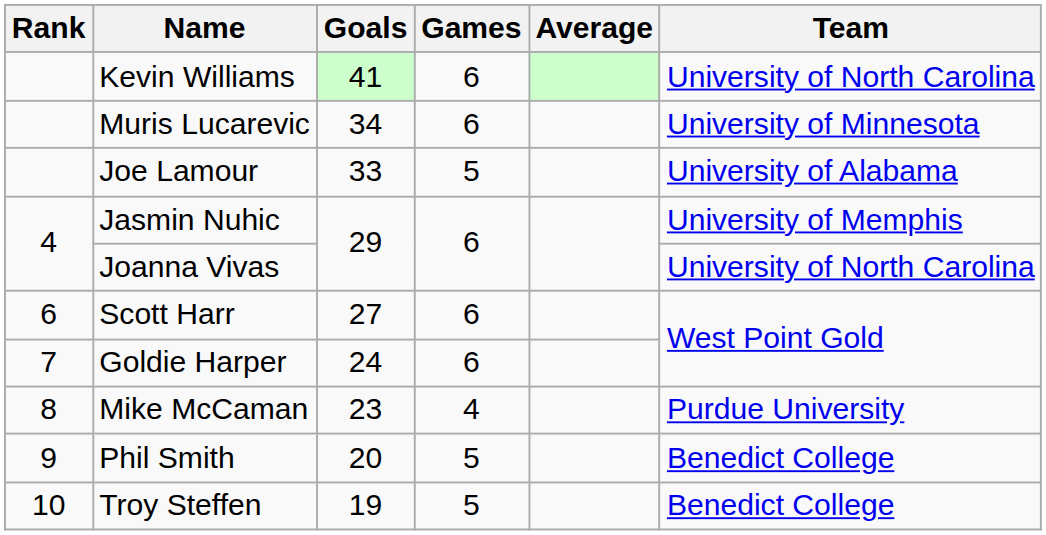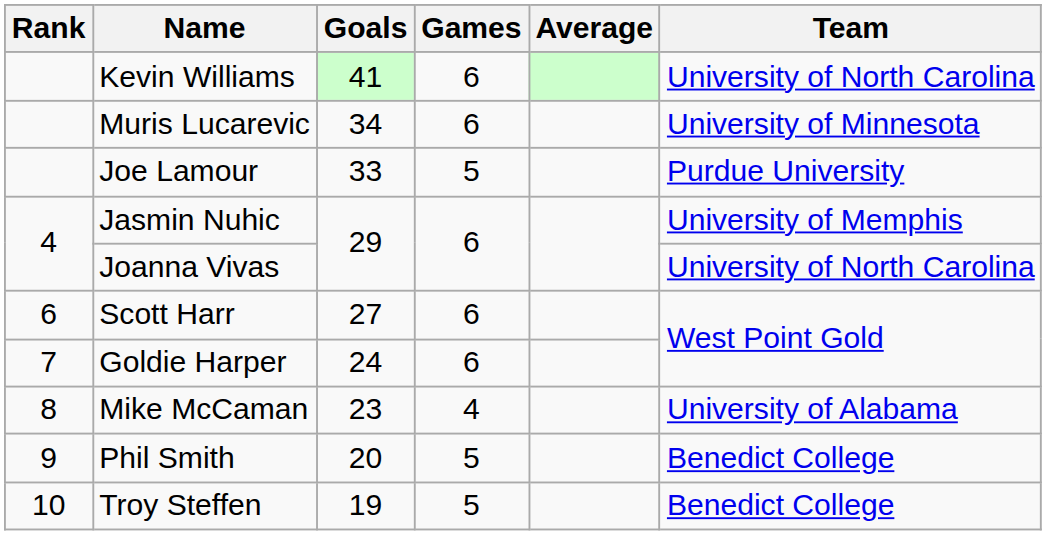 <table class="wikitable sortable"  style="text-align:center">
 <tr>
 <th>Rank</th>
 <th>Name</th>
 <th>Goals</th>
 <th>Games</th>
 <th>Average</th>
 <th>Team</th>
 </tr>
 <tr>
 <td></td>
 <td align="left">Kevin Williams</td>
 <td bgcolor=#ccffcc>41</td>
 <td>6</td>
 <td bgcolor=#ccffcc></td>
 <td align="left"><a href='#'>University of North Carolina</a></td>
 </tr>
 <tr>
 <td></td>
 <td align="left">Muris Lucarevic</td>
 <td>34</td>
 <td>6</td>
 <td></td>
 <td align="left"><a href='#'>University of Minnesota</a></td>
 </tr>
 <tr>
 <td></td>
 <td align="left">Joe Lamour</td>
 <td>33</td>
 <td>5</td>
 <td></td>
-<td align="left"><a href='#'>University of Alabama</a></td>
+<td align="left"><a href='#'>Purdue University</a></td>
 </tr>
 <tr>
 <td rowspan="2">4</td>
 <td align="left">Jasmin Nuhic</td>
 <td rowspan="2">29</td>
 <td rowspan="2">6</td>
 <td rowspan="2"></td>
 <td align="left"><a href='#'>University of Memphis</a></td>
 </tr>
 <tr>
 <td align="left">Joanna Vivas</td>
 <td align="left"><a href='#'>University of North Carolina</a></td>
 </tr>
 <tr>
 <td>6</td>
 <td align="left">Scott Harr</td>
 <td>27</td>
 <td>6</td>
 <td></td>
 <td align="left" rowspan="2"><a href='#'>West Point Gold</a></td>
 </tr>
 <tr>
 <td>7</td>
 <td align="left">Goldie Harper</td>
 <td>24</td>
 <td>6</td>
 <td></td>
 </tr>
 <tr>
 <td>8</td>
 <td align="left">Mike McCaman</td>
 <td>23</td>
 <td>4</td>
 <td></td>
-<td align="left"><a href='#'>Purdue University</a></td>
+<td align="left"><a href='#'>University of Alabama</a></td>
 </tr>
 <tr>
 <td>9</td>
 <td align="left">Phil Smith</td>
 <td>20</td>
 <td>5</td>
 <td></td>
 <td align="left"><a href='#'>Benedict College</a></td>
 </tr>
 <tr>
 <td>10</td>
 <td align="left">Troy Steffen</td>
 <td>19</td>
 <td>5</td>
 <td></td>
 <td align="left"><a href='#'>Benedict College</a></td>
 </tr>
 </table>
